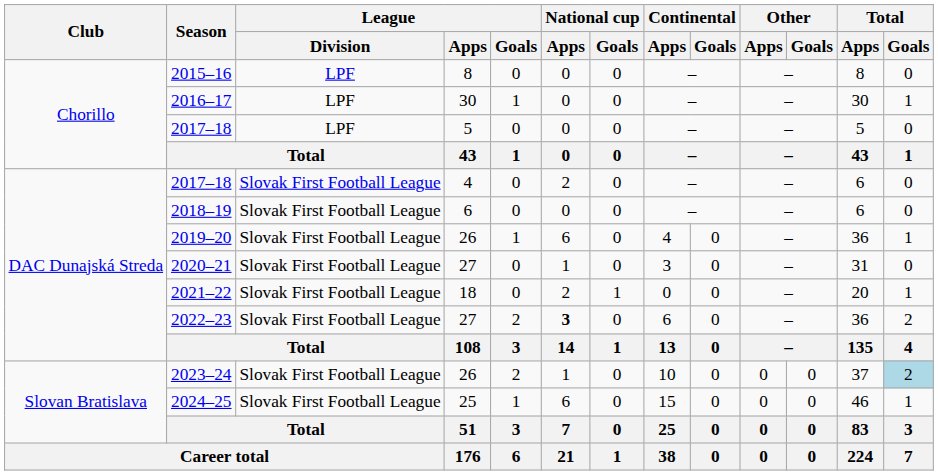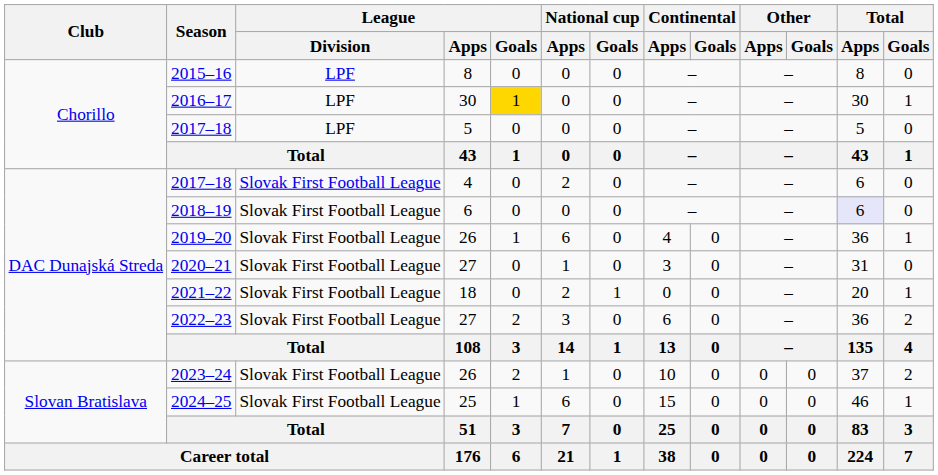 <table class="wikitable" style="text-align: center;">
 <tr>
 <th rowspan=2>Club</th>
 <th rowspan=2>Season</th>
 <th colspan=3>League</th>
 <th colspan=2>National cup</th>
 <th colspan=2>Continental</th>
 <th colspan=2>Other</th>
 <th colspan=2>Total</th>
 </tr>
 <tr>
 <th>Division</th>
 <th>Apps</th>
 <th>Goals</th>
 <th>Apps</th>
 <th>Goals</th>
 <th>Apps</th>
 <th>Goals</th>
 <th>Apps</th>
 <th>Goals</th>
 <th>Apps</th>
 <th>Goals</th>
 </tr>
 <tr>
 <td rowspan=4><a href='#'>Chorillo</a></td>
 <td><a href='#'>2015–16</a></td>
 <td><a href='#'>LPF</a></td>
 <td>8</td>
 <td>0</td>
 <td>0</td>
 <td>0</td>
 <td colspan="2">–</td>
 <td colspan="2">–</td>
 <td>8</td>
 <td>0</td>
 </tr>
 <tr>
 <td><a href='#'>2016–17</a></td>
 <td>LPF</td>
 <td>30</td>
-<td>1</td>
+<td style="background: gold;">1</td>
 <td>0</td>
 <td>0</td>
 <td colspan="2">–</td>
 <td colspan="2">–</td>
 <td>30</td>
 <td>1</td>
 </tr>
 <tr>
 <td><a href='#'>2017–18</a></td>
 <td>LPF</td>
 <td>5</td>
 <td>0</td>
 <td>0</td>
 <td>0</td>
 <td colspan="2">–</td>
 <td colspan="2">–</td>
 <td>5</td>
 <td>0</td>
 </tr>
 <tr>
 <th colspan=2>Total</th>
 <th>43</th>
 <th>1</th>
 <th>0</th>
 <th>0</th>
 <th colspan="2">–</th>
 <th colspan="2">–</th>
 <th>43</th>
 <th>1</th>
 </tr>
 <tr>
 <td rowspan=7><a href='#'>DAC Dunajská Streda</a></td>
 <td><a href='#'>2017–18</a></td>
 <td><a href='#'>Slovak First Football League</a></td>
 <td>4</td>
 <td>0</td>
 <td>2</td>
 <td>0</td>
 <td colspan="2">–</td>
 <td colspan="2">–</td>
 <td>6</td>
 <td>0</td>
 </tr>
 <tr>
 <td><a href='#'>2018–19</a></td>
 <td>Slovak First Football League</td>
 <td>6</td>
 <td>0</td>
 <td>0</td>
 <td>0</td>
 <td colspan="2">–</td>
 <td colspan="2">–</td>
-<td>6</td>
+<td style="background: lavender;">6</td>
 <td>0</td>
 </tr>
 <tr>
 <td><a href='#'>2019–20</a></td>
 <td>Slovak First Football League</td>
 <td>26</td>
 <td>1</td>
 <td>6</td>
 <td>0</td>
 <td>4</td>
 <td>0</td>
 <td colspan="2">–</td>
 <td>36</td>
 <td>1</td>
 </tr>
 <tr>
 <td><a href='#'>2020–21</a></td>
 <td>Slovak First Football League</td>
 <td>27</td>
 <td>0</td>
 <td>1</td>
 <td>0</td>
 <td>3</td>
 <td>0</td>
 <td colspan="2">–</td>
 <td>31</td>
 <td>0</td>
 </tr>
 <tr>
 <td><a href='#'>2021–22</a></td>
 <td>Slovak First Football League</td>
 <td>18</td>
 <td>0</td>
 <td>2</td>
 <td>1</td>
 <td>0</td>
 <td>0</td>
 <td colspan="2">–</td>
 <td>20</td>
 <td>1</td>
 </tr>
 <tr>
 <td><a href='#'>2022–23</a></td>
 <td>Slovak First Football League</td>
 <td>27</td>
 <td>2</td>
-<td><strong>3</strong></td>
+<td>3</td>
 <td>0</td>
 <td>6</td>
 <td>0</td>
 <td colspan="2">–</td>
 <td>36</td>
 <td>2</td>
 </tr>
 <tr>
 <th colspan=2>Total</th>
 <th>108</th>
 <th>3</th>
 <th>14</th>
 <th>1</th>
 <th>13</th>
 <th>0</th>
 <th colspan="2">–</th>
 <th>135</th>
 <th>4</th>
 </tr>
 <tr>
 <td rowspan=3><a href='#'>Slovan Bratislava</a></td>
 <td><a href='#'>2023–24</a></td>
 <td>Slovak First Football League</td>
 <td>26</td>
 <td>2</td>
 <td>1</td>
 <td>0</td>
 <td>10</td>
 <td>0</td>
 <td>0</td>
 <td>0</td>
 <td>37</td>
-<td style="background: lightblue;">2</td>
+<td>2</td>
 </tr>
 <tr>
 <td><a href='#'>2024–25</a></td>
 <td>Slovak First Football League</td>
 <td>25</td>
 <td>1</td>
 <td>6</td>
 <td>0</td>
 <td>15</td>
 <td>0</td>
 <td>0</td>
 <td>0</td>
 <td>46</td>
 <td>1</td>
 </tr>
 <tr>
 <th colspan=2>Total</th>
 <th>51</th>
 <th>3</th>
 <th>7</th>
 <th>0</th>
 <th>25</th>
 <th>0</th>
 <th>0</th>
 <th>0</th>
 <th>83</th>
 <th>3</th>
 </tr>
 <tr>
 <th colspan=3>Career total</th>
 <th>176</th>
 <th>6</th>
 <th>21</th>
 <th>1</th>
 <th>38</th>
 <th>0</th>
 <th>0</th>
 <th>0</th>
 <th>224</th>
 <th>7</th>
 </tr>
 </table>
